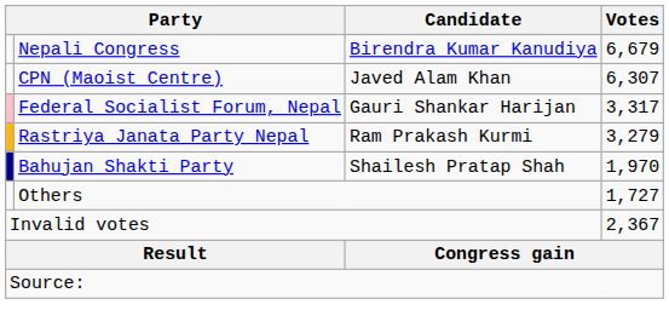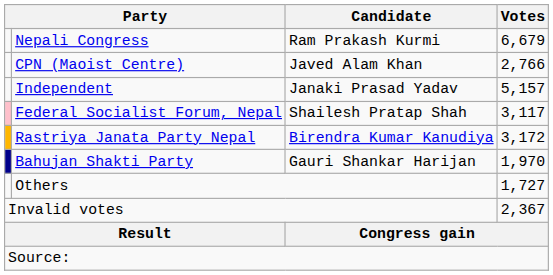 <table class="wikitable">
 <tr>
 <th colspan="2">Party</th>
 <th>Candidate</th>
 <th>Votes</th>
 </tr>
 <tr>
 <td style="background-color:"></td>
 <td><a href='#'>Nepali Congress</a></td>
-<td><a href='#'>Birendra Kumar Kanudiya</a></td>
+<td>Ram Prakash Kurmi</td>
 <td>6,679</td>
 </tr>
 <tr>
 <td style="background-color:"></td>
 <td><a href='#'>CPN (Maoist Centre)</a></td>
 <td>Javed Alam Khan</td>
-<td>6,307</td>
+<td>2,766</td>
+</tr>
+<tr>
+<td style="background-color:"></td>
+<td><a href='#'>Independent</a></td>
+<td>Janaki Prasad Yadav</td>
+<td>5,157</td>
 </tr>
 <tr>
 <td style="background-color:pink"></td>
 <td><a href='#'>Federal Socialist Forum, Nepal</a></td>
-<td>Gauri Shankar Harijan</td>
-<td>3,317</td>
+<td>Shailesh Pratap Shah</td>
+<td>3,117</td>
 </tr>
 <tr>
 <td style="background-color:#ffb700"></td>
 <td><a href='#'>Rastriya Janata Party Nepal</a></td>
-<td>Ram Prakash Kurmi</td>
-<td>3,279</td>
+<td><a href='#'>Birendra Kumar Kanudiya</a></td>
+<td>3,172</td>
 </tr>
 <tr>
 <td style="background-color:darkblue"></td>
 <td><a href='#'>Bahujan Shakti Party</a></td>
-<td>Shailesh Pratap Shah</td>
+<td>Gauri Shankar Harijan</td>
 <td>1,970</td>
 </tr>
 <tr>
 <td></td>
 <td colspan="2">Others</td>
 <td>1,727</td>
 </tr>
 <tr>
 <td colspan="3">Invalid votes</td>
 <td>2,367</td>
 </tr>
 <tr>
 <th colspan="2">Result</th>
 <th colspan="2">Congress gain</th>
 </tr>
 <tr>
 <td colspan="4">Source: </td>
 </tr>
 </table>
